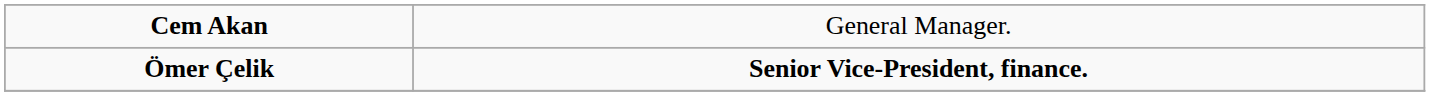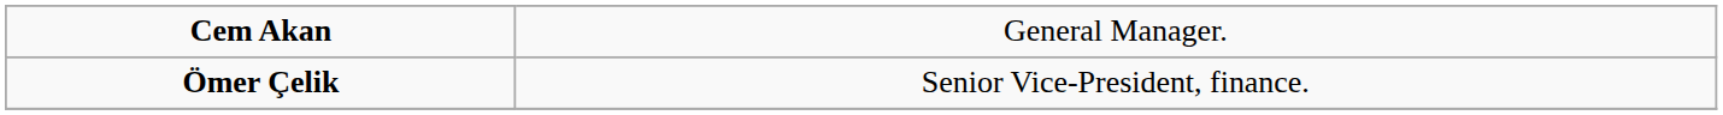 <table class="wikitable" style="font-size:0.906em; width:40%; text-align:center;">
 <tr>
 <td><strong>Cem Akan</strong></td>
 <td>General Manager.</td>
 </tr>
 <tr>
 <td><strong>Ömer Çelik</strong></td>
-<td><strong>Senior Vice-President, finance.</strong></td>
+<td>Senior Vice-President, finance.</td>
 </tr>
 <tr>
 </tr>
 </table>
